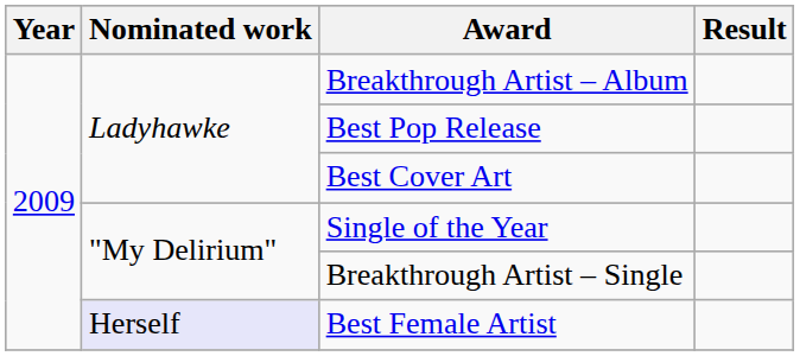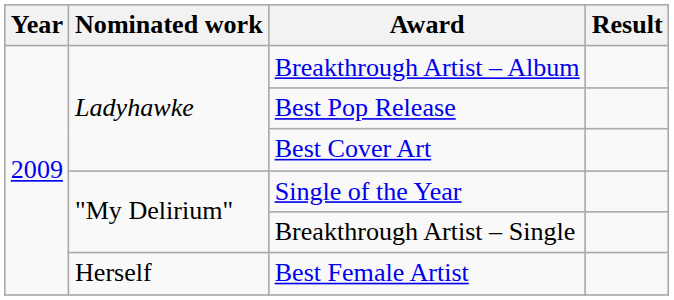 <table class="wikitable">
 <tr>
 <th>Year</th>
 <th>Nominated work</th>
 <th>Award</th>
 <th>Result</th>
 </tr>
 <tr>
 <td rowspan="6"><a href='#'>2009</a></td>
 <td rowspan="3"><em>Ladyhawke</em></td>
 <td><a href='#'>Breakthrough Artist – Album</a></td>
 <td></td>
 </tr>
 <tr>
 <td><a href='#'>Best Pop Release</a></td>
 <td></td>
 </tr>
 <tr>
 <td><a href='#'>Best Cover Art</a></td>
 <td></td>
 </tr>
 <tr>
 <td rowspan="2">"My Delirium"</td>
 <td><a href='#'>Single of the Year</a></td>
 <td></td>
 </tr>
 <tr>
 <td>Breakthrough Artist – Single</td>
 <td></td>
 </tr>
 <tr>
-<td style="background: lavender;">Herself</td>
+<td>Herself</td>
 <td><a href='#'>Best Female Artist</a></td>
 <td></td>
 </tr>
 </table>
